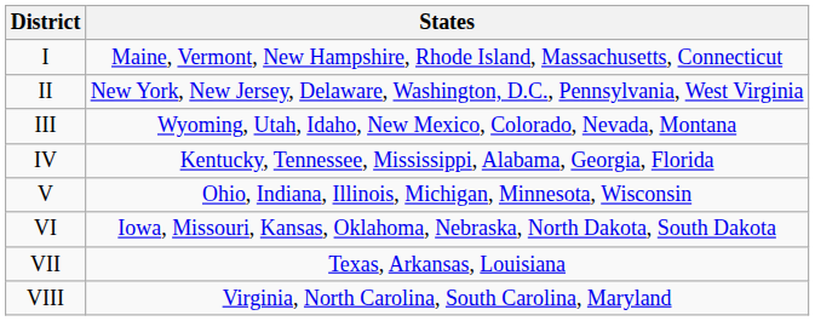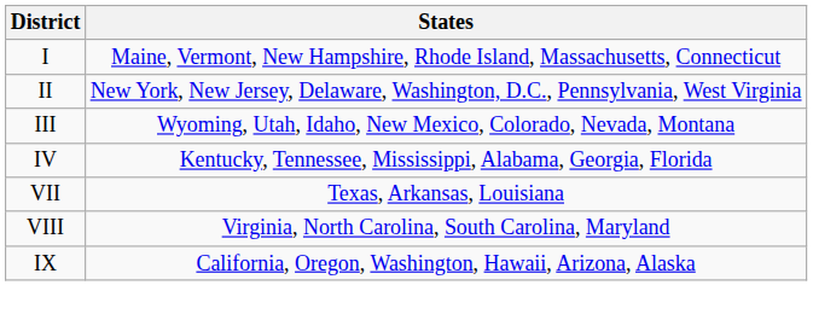 <table class="wikitable" style="text-align:center;">
 <tr>
 <th scope="col">District</th>
 <th scope="col">States</th>
 </tr>
 <tr>
 <td>I</td>
 <td><a href='#'>Maine</a>, <a href='#'>Vermont</a>, <a href='#'>New Hampshire</a>, <a href='#'>Rhode Island</a>, <a href='#'>Massachusetts</a>, <a href='#'>Connecticut</a></td>
 </tr>
 <tr>
 <td>II</td>
 <td><a href='#'>New York</a>, <a href='#'>New Jersey</a>, <a href='#'>Delaware</a>, <a href='#'>Washington, D.C.</a>, <a href='#'>Pennsylvania</a>, <a href='#'>West Virginia</a></td>
 </tr>
 <tr>
 <td>III</td>
 <td><a href='#'>Wyoming</a>, <a href='#'>Utah</a>, <a href='#'>Idaho</a>, <a href='#'>New Mexico</a>, <a href='#'>Colorado</a>, <a href='#'>Nevada</a>, <a href='#'>Montana</a></td>
 </tr>
 <tr>
 <td>IV</td>
 <td><a href='#'>Kentucky</a>, <a href='#'>Tennessee</a>, <a href='#'>Mississippi</a>, <a href='#'>Alabama</a>, <a href='#'>Georgia</a>, <a href='#'>Florida</a></td>
 </tr>
 <tr>
-<td>V</td>
-<td><a href='#'>Ohio</a>, <a href='#'>Indiana</a>, <a href='#'>Illinois</a>, <a href='#'>Michigan</a>, <a href='#'>Minnesota</a>, <a href='#'>Wisconsin</a></td>
-</tr>
-<tr>
-<td>VI</td>
-<td><a href='#'>Iowa</a>, <a href='#'>Missouri</a>, <a href='#'>Kansas</a>, <a href='#'>Oklahoma</a>, <a href='#'>Nebraska</a>, <a href='#'>North Dakota</a>, <a href='#'>South Dakota</a></td>
-</tr>
-<tr>
 <td>VII</td>
 <td><a href='#'>Texas</a>, <a href='#'>Arkansas</a>, <a href='#'>Louisiana</a></td>
 </tr>
 <tr>
 <td>VIII</td>
 <td><a href='#'>Virginia</a>, <a href='#'>North Carolina</a>, <a href='#'>South Carolina</a>, <a href='#'>Maryland</a></td>
 </tr>
+<tr>
+<td>IX</td>
+<td><a href='#'>California</a>, <a href='#'>Oregon</a>, <a href='#'>Washington</a>, <a href='#'>Hawaii</a>, <a href='#'>Arizona</a>, <a href='#'>Alaska</a></td>
+</tr>
 </table>
